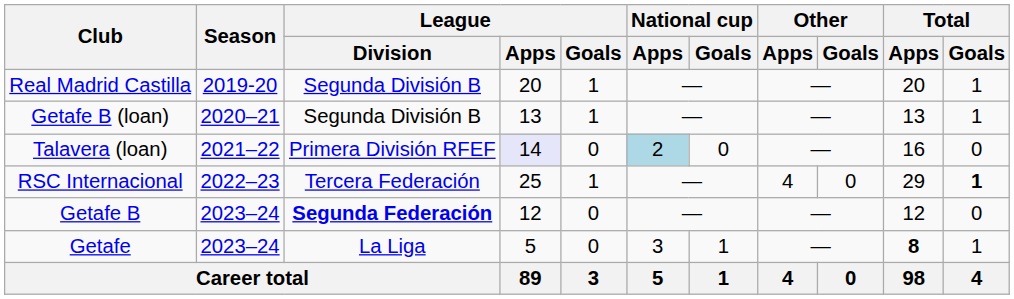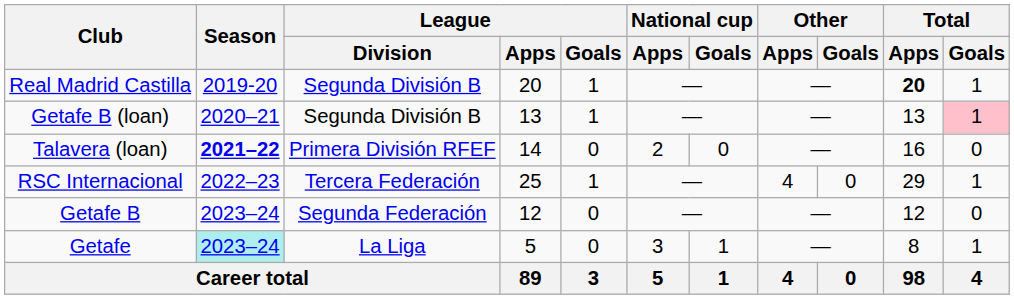 <table class="wikitable" style="text-align:center">
 <tr>
 <th rowspan="2">Club</th>
 <th rowspan="2">Season</th>
 <th colspan="3">League</th>
 <th colspan="2">National cup</th>
 <th colspan="2">Other</th>
 <th colspan="2">Total</th>
 </tr>
 <tr>
 <th>Division</th>
 <th>Apps</th>
 <th>Goals</th>
 <th>Apps</th>
 <th>Goals</th>
 <th>Apps</th>
 <th>Goals</th>
 <th>Apps</th>
 <th>Goals</th>
 </tr>
 <tr>
 <td><a href='#'>Real Madrid Castilla</a></td>
 <td><a href='#'>2019-20</a></td>
 <td><a href='#'>Segunda División B</a></td>
 <td>20</td>
 <td>1</td>
 <td colspan="2">—</td>
 <td colspan="2">—</td>
-<td>20</td>
+<td><strong>20</strong></td>
 <td>1</td>
 </tr>
 <tr>
 <td><a href='#'>Getafe B</a> (loan)</td>
 <td><a href='#'>2020–21</a></td>
 <td>Segunda División B</td>
 <td>13</td>
 <td>1</td>
 <td colspan="2">—</td>
 <td colspan="2">—</td>
 <td>13</td>
-<td>1</td>
+<td style="background: pink;">1</td>
 </tr>
 <tr>
 <td><a href='#'>Talavera</a> (loan)</td>
-<td><a href='#'>2021–22</a></td>
+<td><strong><a href='#'>2021–22</a></strong></td>
 <td><a href='#'>Primera División RFEF</a></td>
-<td style="background: lavender;">14</td>
+<td>14</td>
 <td>0</td>
-<td style="background: lightblue;">2</td>
+<td>2</td>
 <td>0</td>
 <td colspan="2">—</td>
 <td>16</td>
 <td>0</td>
 </tr>
 <tr>
 <td><a href='#'>RSC Internacional</a></td>
 <td><a href='#'>2022–23</a></td>
 <td><a href='#'>Tercera Federación</a></td>
 <td>25</td>
 <td>1</td>
 <td colspan="2">—</td>
 <td>4</td>
 <td>0</td>
 <td>29</td>
-<td><strong>1</strong></td>
+<td>1</td>
 </tr>
 <tr>
 <td><a href='#'>Getafe B</a></td>
 <td><a href='#'>2023–24</a></td>
-<td><strong><a href='#'>Segunda Federación</a></strong></td>
+<td><a href='#'>Segunda Federación</a></td>
 <td>12</td>
 <td>0</td>
 <td colspan="2">—</td>
 <td colspan="2">—</td>
 <td>12</td>
 <td>0</td>
 </tr>
 <tr>
 <td><a href='#'>Getafe</a></td>
-<td><a href='#'>2023–24</a></td>
+<td style="background: paleturquoise;"><a href='#'>2023–24</a></td>
 <td><a href='#'>La Liga</a></td>
 <td>5</td>
 <td>0</td>
 <td>3</td>
 <td>1</td>
 <td colspan="2">—</td>
-<td><strong>8</strong></td>
+<td>8</td>
 <td>1</td>
 </tr>
 <tr>
 <th colspan="3">Career total</th>
 <th>89</th>
 <th>3</th>
 <th>5</th>
 <th>1</th>
 <th>4</th>
 <th>0</th>
 <th>98</th>
 <th>4</th>
 </tr>
 </table>
